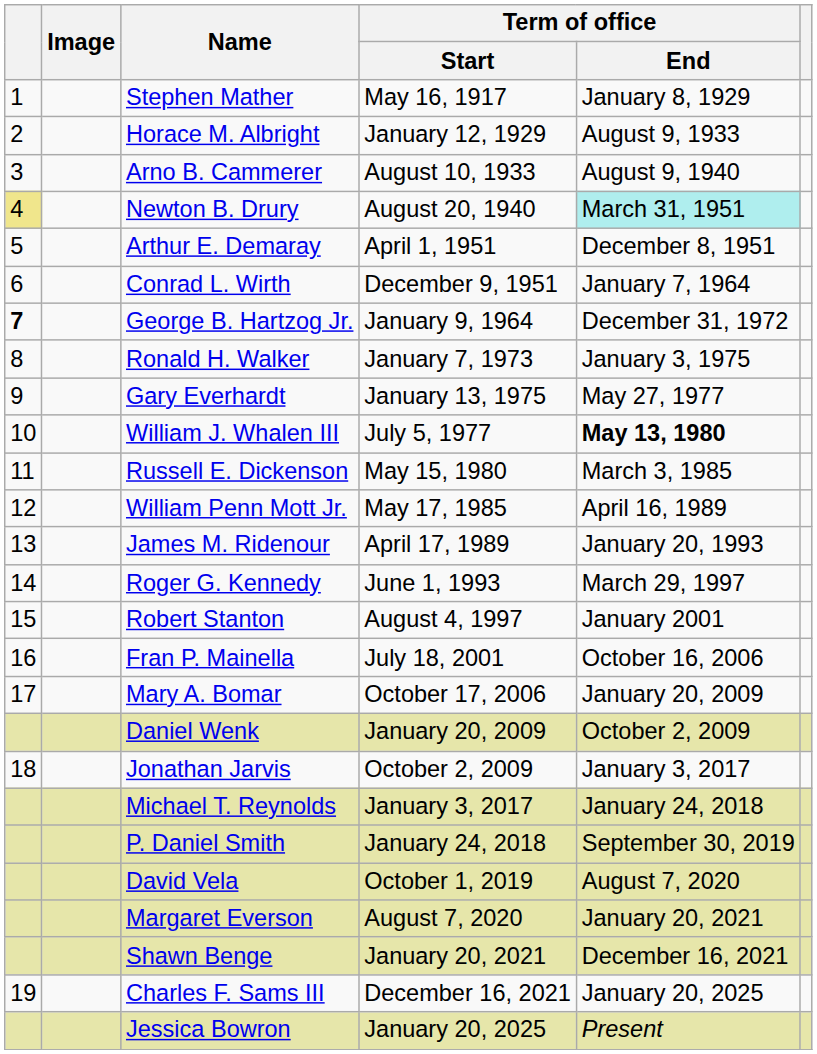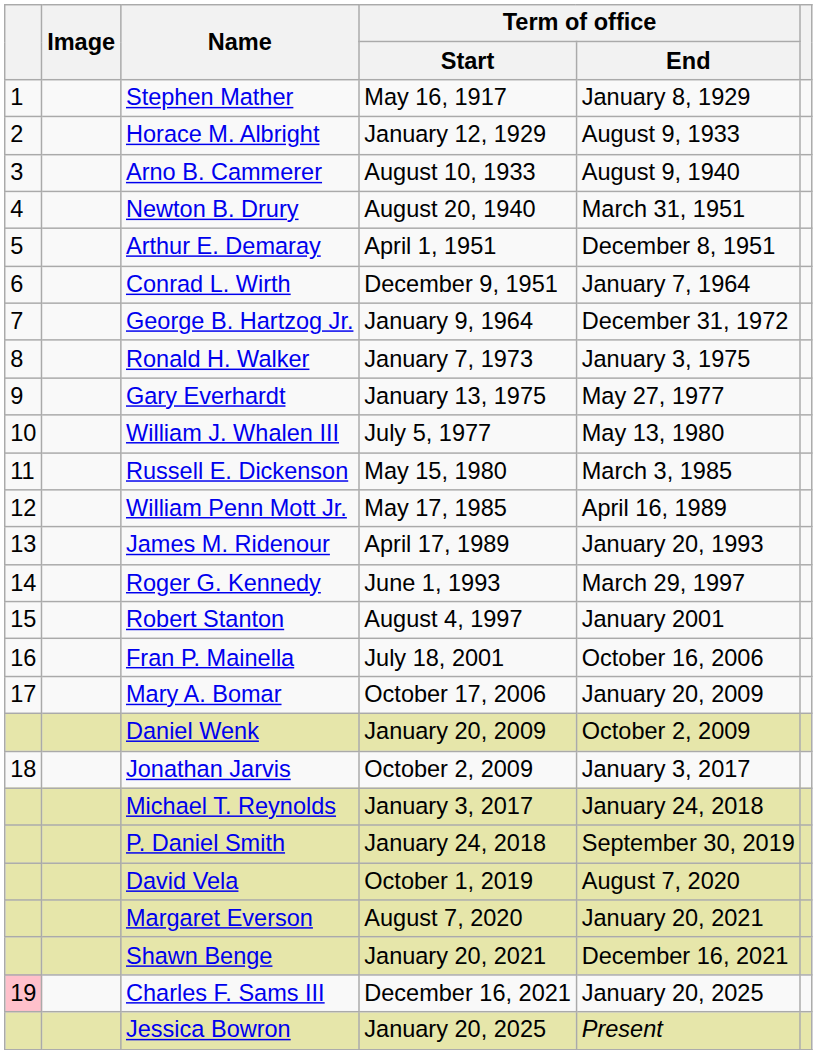 <table class="wikitable">
 <tr>
 <th rowspan="2"></th>
 <th rowspan="2">Image</th>
 <th rowspan="2">Name</th>
 <th colspan="2">Term of office</th>
 <th rowspan="2"></th>
 </tr>
 <tr>
 <th>Start</th>
 <th>End</th>
 </tr>
 <tr>
 <td>1</td>
 <td></td>
 <td><a href='#'>Stephen Mather</a></td>
 <td>May 16, 1917</td>
 <td>January 8, 1929</td>
 <td></td>
 </tr>
 <tr>
 <td>2</td>
 <td></td>
 <td><a href='#'>Horace M. Albright</a></td>
 <td>January 12, 1929</td>
 <td>August 9, 1933</td>
 <td></td>
 </tr>
 <tr>
 <td>3</td>
 <td></td>
 <td><a href='#'>Arno B. Cammerer</a></td>
 <td>August 10, 1933</td>
 <td>August 9, 1940</td>
 <td></td>
 </tr>
 <tr>
-<td style="background: khaki;">4</td>
+<td>4</td>
 <td></td>
 <td><a href='#'>Newton B. Drury</a></td>
 <td>August 20, 1940</td>
-<td style="background: paleturquoise;">March 31, 1951</td>
+<td>March 31, 1951</td>
 <td></td>
 </tr>
 <tr>
 <td>5</td>
 <td></td>
 <td><a href='#'>Arthur E. Demaray</a></td>
 <td>April 1, 1951</td>
 <td>December 8, 1951</td>
 <td></td>
 </tr>
 <tr>
 <td>6</td>
 <td></td>
 <td><a href='#'>Conrad L. Wirth</a></td>
 <td>December 9, 1951</td>
 <td>January 7, 1964</td>
 <td></td>
 </tr>
 <tr>
-<td><strong>7</strong></td>
+<td>7</td>
 <td></td>
 <td><a href='#'>George B. Hartzog Jr.</a></td>
 <td>January 9, 1964</td>
 <td>December 31, 1972</td>
 <td></td>
 </tr>
 <tr>
 <td>8</td>
 <td></td>
 <td><a href='#'>Ronald H. Walker</a></td>
 <td>January 7, 1973</td>
 <td>January 3, 1975</td>
 <td></td>
 </tr>
 <tr>
 <td>9</td>
 <td></td>
 <td><a href='#'>Gary Everhardt</a></td>
 <td>January 13, 1975</td>
 <td>May 27, 1977</td>
 <td></td>
 </tr>
 <tr>
 <td>10</td>
 <td></td>
 <td><a href='#'>William J. Whalen III</a></td>
 <td>July 5, 1977</td>
-<td><strong>May 13, 1980</strong></td>
+<td>May 13, 1980</td>
 <td></td>
 </tr>
 <tr>
 <td>11</td>
 <td></td>
 <td><a href='#'>Russell E. Dickenson</a></td>
 <td>May 15, 1980</td>
 <td>March 3, 1985</td>
 <td></td>
 </tr>
 <tr>
 <td>12</td>
 <td></td>
 <td><a href='#'>William Penn Mott Jr.</a></td>
 <td>May 17, 1985</td>
 <td>April 16, 1989</td>
 <td></td>
 </tr>
 <tr>
 <td>13</td>
 <td></td>
 <td><a href='#'>James M. Ridenour</a></td>
 <td>April 17, 1989</td>
 <td>January 20, 1993</td>
 <td></td>
 </tr>
 <tr>
 <td>14</td>
 <td></td>
 <td><a href='#'>Roger G. Kennedy</a></td>
 <td>June 1, 1993</td>
 <td>March 29, 1997</td>
 <td></td>
 </tr>
 <tr>
 <td>15</td>
 <td></td>
 <td><a href='#'>Robert Stanton</a></td>
 <td>August 4, 1997</td>
 <td>January 2001</td>
 <td></td>
 </tr>
 <tr>
 <td>16</td>
 <td></td>
 <td><a href='#'>Fran P. Mainella</a></td>
 <td>July 18, 2001</td>
 <td>October 16, 2006</td>
 <td></td>
 </tr>
 <tr>
 <td>17</td>
 <td></td>
 <td><a href='#'>Mary A. Bomar</a></td>
 <td>October 17, 2006</td>
 <td>January 20, 2009</td>
 <td></td>
 </tr>
 <tr bgcolor="#e6e6aa">
 <td></td>
 <td></td>
 <td><a href='#'>Daniel Wenk</a></td>
 <td>January 20, 2009</td>
 <td>October 2, 2009</td>
 <td></td>
 </tr>
 <tr>
 <td>18</td>
 <td></td>
 <td><a href='#'>Jonathan Jarvis</a></td>
 <td>October 2, 2009</td>
 <td>January 3, 2017</td>
 <td></td>
 </tr>
 <tr bgcolor="#e6e6aa">
 <td></td>
 <td></td>
 <td><a href='#'>Michael T. Reynolds</a></td>
 <td>January 3, 2017</td>
 <td>January 24, 2018</td>
 <td></td>
 </tr>
 <tr bgcolor="#e6e6aa">
 <td></td>
 <td></td>
 <td><a href='#'>P. Daniel Smith</a></td>
 <td>January 24, 2018</td>
 <td>September 30, 2019</td>
 <td></td>
 </tr>
 <tr bgcolor="#e6e6aa">
 <td></td>
 <td></td>
 <td><a href='#'>David Vela</a></td>
 <td>October 1, 2019</td>
 <td>August 7, 2020</td>
 <td></td>
 </tr>
 <tr bgcolor="#e6e6aa">
 <td></td>
 <td></td>
 <td><a href='#'>Margaret Everson</a></td>
 <td>August 7, 2020</td>
 <td>January 20, 2021</td>
 <td></td>
 </tr>
 <tr bgcolor="#e6e6aa">
 <td></td>
 <td></td>
 <td><a href='#'>Shawn Benge</a></td>
 <td>January 20, 2021</td>
 <td>December 16, 2021</td>
 <td></td>
 </tr>
 <tr>
-<td>19</td>
+<td style="background: pink;">19</td>
 <td></td>
 <td><a href='#'>Charles F. Sams III</a></td>
 <td>December 16, 2021</td>
 <td>January 20, 2025</td>
 <td></td>
 </tr>
 <tr bgcolor="#e6e6aa">
 <td></td>
 <td></td>
 <td><a href='#'>Jessica Bowron</a></td>
 <td>January 20, 2025</td>
 <td><em>Present</em></td>
 <td></td>
 </tr>
 <tr>
 </tr>
 </table>
